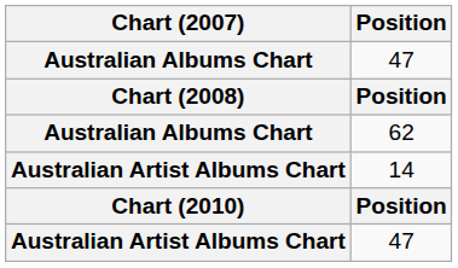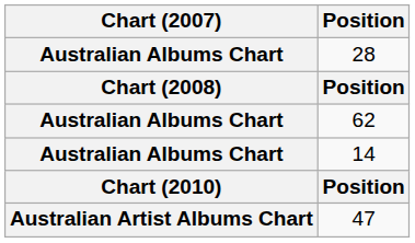 <table class="wikitable sortable plainrowheaders" style="text-align:center">
 <tr>
 <th scope="col">Chart (2007)</th>
 <th scope="col">Position</th>
 </tr>
 <tr>
 <th scope="row">Australian Albums Chart</th>
-<td>47</td>
+<td>28</td>
 </tr>
 <tr>
 <th scope="col">Chart (2008)</th>
 <th scope="col">Position</th>
 </tr>
 <tr>
 <th scope="row">Australian Albums Chart</th>
 <td>62</td>
 </tr>
 <tr>
-<th scope="row">Australian Artist Albums Chart</th>
+<th scope="row">Australian Albums Chart</th>
 <td>14</td>
 </tr>
 <tr>
 <th scope="col">Chart (2010)</th>
 <th scope="col">Position</th>
 </tr>
 <tr>
 <th scope="row">Australian Artist Albums Chart</th>
 <td>47</td>
 </tr>
 </table>
